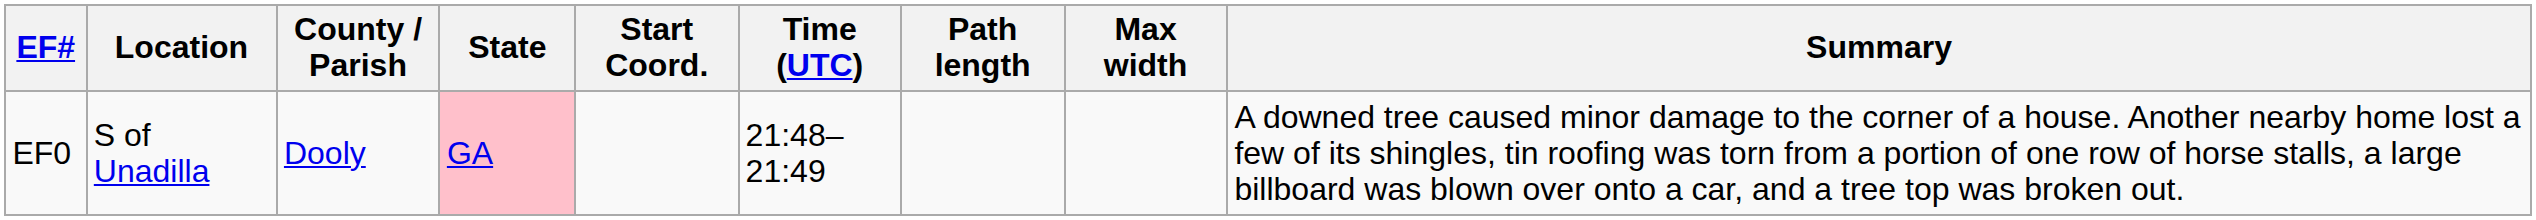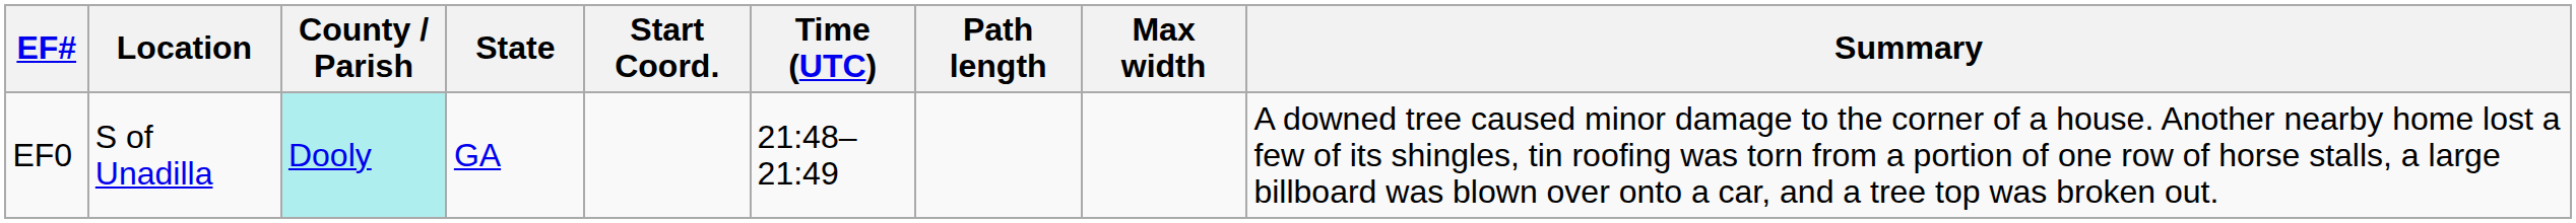 <table class="wikitable sortable" style="width:100%;">
 <tr>
 <th scope="col" width="3%" align="center"><a href='#'>EF#</a></th>
 <th scope="col" width="7%" align="center" class="unsortable">Location</th>
 <th scope="col" width="6%" align="center" class="unsortable">County / Parish</th>
 <th scope="col" width="5%" align="center">State</th>
 <th scope="col" width="6%" align="center">Start Coord.</th>
 <th scope="col" width="6%" align="center">Time (<a href='#'>UTC</a>)</th>
 <th scope="col" width="6%" align="center">Path length</th>
 <th scope="col" width="6%" align="center">Max width</th>
 <th scope="col" width="48%" class="unsortable" align="center">Summary</th>
 </tr>
 <tr>
 <td>EF0</td>
 <td>S of <a href='#'>Unadilla</a></td>
-<td><a href='#'>Dooly</a></td>
-<td style="background: pink;"><a href='#'>GA</a></td>
+<td style="background: paleturquoise;"><a href='#'>Dooly</a></td>
+<td><a href='#'>GA</a></td>
 <td></td>
 <td>21:48–21:49</td>
 <td></td>
 <td></td>
 <td>A downed tree caused minor damage to the corner of a house. Another nearby home lost a few of its shingles, tin roofing was torn from a portion of one row of horse stalls, a large billboard was blown over onto a car, and a tree top was broken out.</td>
 </tr>
 <tr>
 </tr>
 </table>
